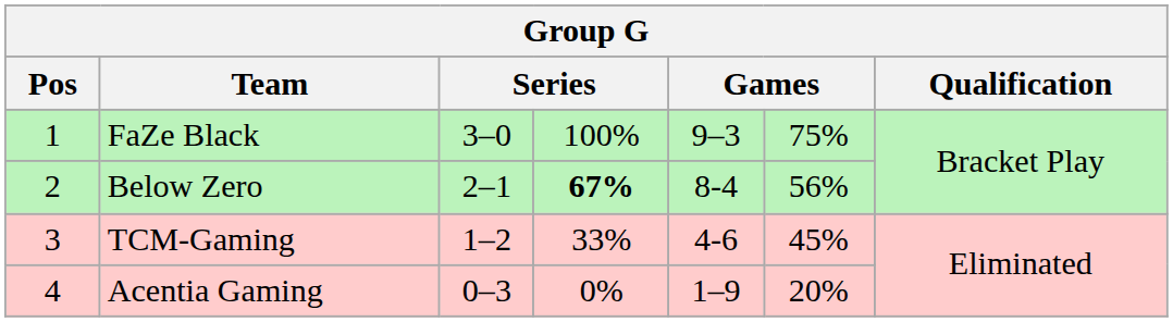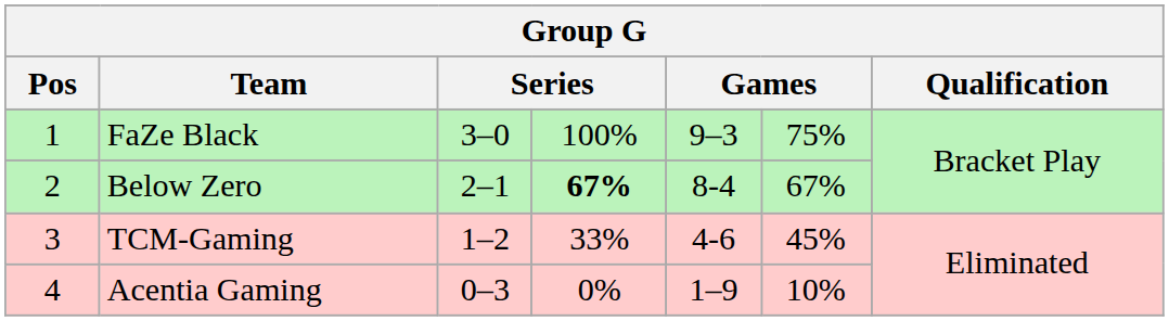 <table class="wikitable" style="display: inline-table;width: 45%;">
 <tr>
 <th colspan="7">Group G</th>
 </tr>
 <tr>
 <th>Pos</th>
 <th>Team</th>
 <th colspan="2">Series</th>
 <th colspan="2">Games</th>
 <th>Qualification</th>
 </tr>
 <tr>
 <td style="text-align:center; background:#BBF3BB;">1</td>
 <td style="text-align:left; background:#BBF3BB;">FaZe Black</td>
 <td style="text-align:center; background:#BBF3BB;">3–0</td>
 <td style="text-align:center; background:#BBF3BB;">100%</td>
 <td style="text-align:center; background:#BBF3BB;">9–3</td>
 <td style="text-align:center; background:#BBF3BB;">75%</td>
 <td style="text-align:center; background:#BBF3BB;" rowspan="2">Bracket Play</td>
 </tr>
 <tr>
 <td style="text-align:center; background:#BBF3BB;">2</td>
 <td style="text-align:left; background:#BBF3BB;">Below Zero</td>
 <td style="text-align:center; background:#BBF3BB;">2–1</td>
 <td style="text-align:center; background:#BBF3BB;"><strong>67%</strong></td>
 <td style="text-align:center; background:#BBF3BB;">8-4</td>
-<td style="text-align:center; background:#BBF3BB;">56%</td>
+<td style="text-align:center; background:#BBF3BB;">67%</td>
 </tr>
 <tr>
 <td style="text-align:center; background:#FFCCCC;">3</td>
 <td style="text-align:left; background:#FFCCCC;">TCM-Gaming</td>
 <td style="text-align:center; background:#FFCCCC;">1–2</td>
 <td style="text-align:center; background:#FFCCCC;">33%</td>
 <td style="text-align:center; background:#FFCCCC;">4-6</td>
 <td style="text-align:center; background:#FFCCCC;">45%</td>
 <td style="text-align:center; background:#FFCCCC;" rowspan="2">Eliminated</td>
 </tr>
 <tr>
 <td style="text-align:center; background:#FFCCCC;">4</td>
 <td style="text-align:left; background:#FFCCCC;">Acentia Gaming</td>
 <td style="text-align:center; background:#FFCCCC;">0–3</td>
 <td style="text-align:center; background:#FFCCCC;">0%</td>
 <td style="text-align:center; background:#FFCCCC;">1–9</td>
-<td style="text-align:center; background:#FFCCCC;">20%</td>
+<td style="text-align:center; background:#FFCCCC;">10%</td>
 </tr>
 </table>
